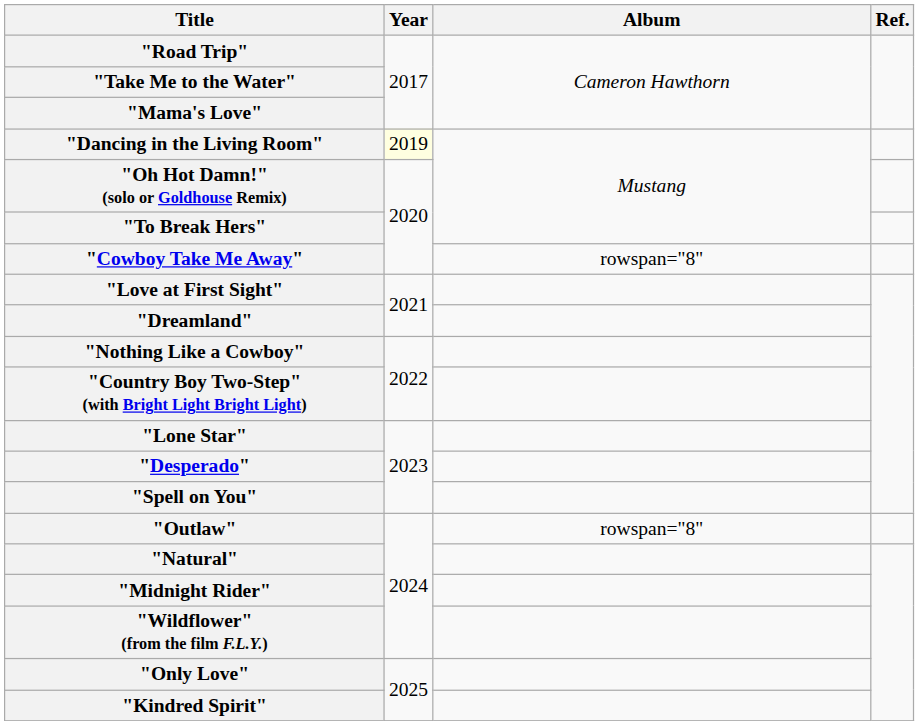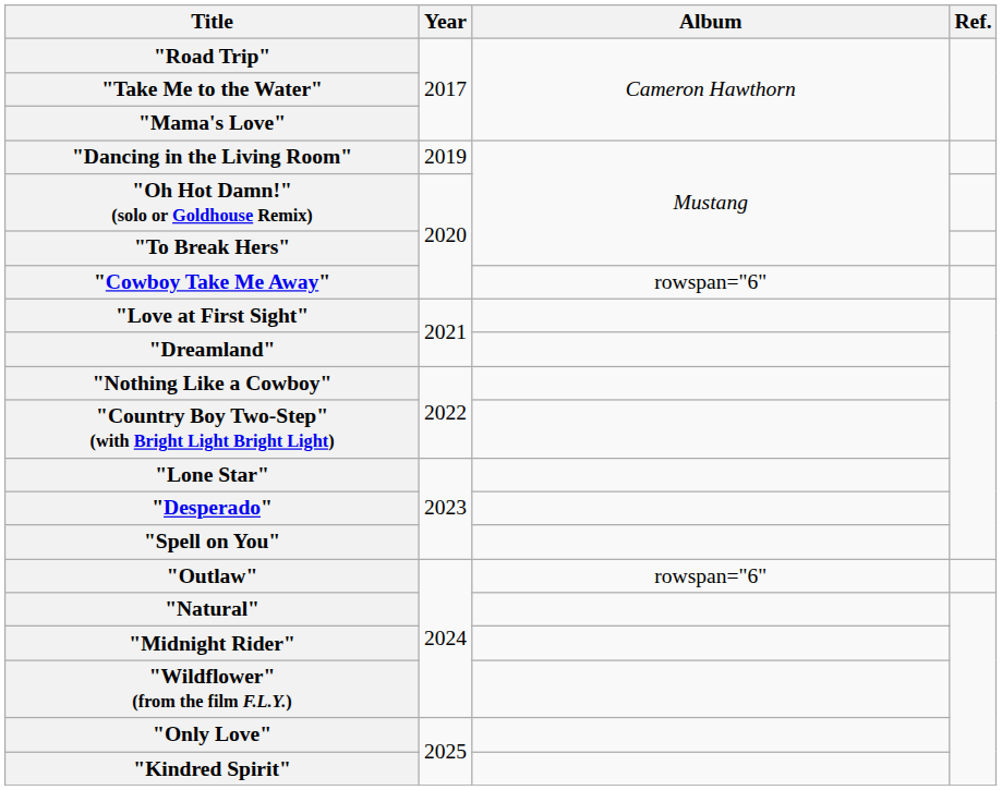 <table class="wikitable plainrowheaders" style="text-align:center;">
 <tr>
 <th scope="col" style="width:19em;">Title</th>
 <th scope="col" style="width:1em;">Year</th>
 <th scope="col" style="width:22em;">Album</th>
 <th>Ref.</th>
 </tr>
 <tr>
 <th scope="row">"Road Trip"</th>
 <td rowspan="3">2017</td>
 <td rowspan="3"><em>Cameron Hawthorn</em></td>
 <td rowspan="3"></td>
 </tr>
 <tr>
 <th scope="row">"Take Me to the Water"</th>
 </tr>
 <tr>
 <th scope="row">"Mama's Love"</th>
 </tr>
 <tr>
 <th scope="row">"Dancing in the Living Room"</th>
-<td style="background: lightyellow;">2019</td>
+<td>2019</td>
 <td rowspan="3"><em>Mustang</em></td>
 <td></td>
 </tr>
 <tr>
 <th scope="row">"Oh Hot Damn!"<br><small>(solo or <a href='#'>Goldhouse</a> Remix)</small></th>
 <td rowspan="3">2020</td>
 <td></td>
 </tr>
 <tr>
 <th scope="row">"To Break Hers"</th>
 <td></td>
 </tr>
 <tr>
 <th scope="row">"<a href='#'>Cowboy Take Me Away</a>"</th>
-<td>rowspan="8" </td>
+<td>rowspan="6" </td>
 <td></td>
 </tr>
 <tr>
 <th scope="row">"Love at First Sight"</th>
 <td rowspan="2">2021</td>
 <td></td>
 </tr>
 <tr>
 <th scope="row">"Dreamland"</th>
 <td></td>
 </tr>
 <tr>
 <th scope="row">"Nothing Like a Cowboy"</th>
 <td rowspan="2">2022</td>
 <td></td>
 </tr>
 <tr>
 <th scope="row">"Country Boy Two-Step"<br><small>(with <a href='#'>Bright Light Bright Light</a>)</small></th>
 <td></td>
 </tr>
 <tr>
 <th scope="row">"Lone Star"</th>
 <td rowspan="3">2023</td>
 <td></td>
 </tr>
 <tr>
 <th scope="row">"<a href='#'>Desperado</a>"</th>
 <td></td>
 </tr>
 <tr>
 <th scope="row">"Spell on You"</th>
 <td></td>
 </tr>
 <tr>
 <th scope="row">"Outlaw"</th>
 <td rowspan="4">2024</td>
-<td>rowspan="8" </td>
+<td>rowspan="6" </td>
 <td></td>
 </tr>
 <tr>
 <th scope="row">"Natural"</th>
 <td></td>
 </tr>
 <tr>
 <th scope="row">"Midnight Rider"</th>
 <td></td>
 </tr>
 <tr>
 <th scope="row">"Wildflower"<br><small>(from the film <em>F.L.Y.</em>)</small></th>
 <td></td>
 </tr>
 <tr>
 <th scope="row">"Only Love"</th>
 <td rowspan="2">2025</td>
 <td></td>
 </tr>
 <tr>
 <th scope="row">"Kindred Spirit"</th>
 <td></td>
 </tr>
 </table>
